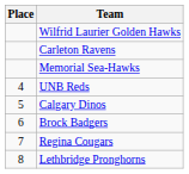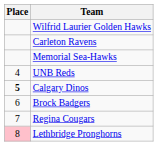 <table class="wikitable">
 <tr>
 <th>Place</th>
 <th>Team</th>
 </tr>
 <tr>
 <td align=center></td>
 <td> <a href='#'>Wilfrid Laurier Golden Hawks</a></td>
 </tr>
 <tr>
 <td align=center></td>
 <td> <a href='#'>Carleton Ravens</a></td>
 </tr>
 <tr>
 <td align=center></td>
 <td> <a href='#'>Memorial Sea-Hawks</a></td>
 </tr>
 <tr>
 <td align=center>4</td>
 <td> <a href='#'>UNB Reds</a></td>
 </tr>
 <tr>
-<td align=center>5</td>
+<td align=center><strong>5</strong></td>
 <td> <a href='#'>Calgary Dinos</a></td>
 </tr>
 <tr>
 <td align=center>6</td>
 <td> <a href='#'>Brock Badgers</a></td>
 </tr>
 <tr>
 <td align=center>7</td>
 <td> <a href='#'>Regina Cougars</a></td>
 </tr>
 <tr>
-<td align=center>8</td>
+<td align=center style="background: pink;">8</td>
 <td> <a href='#'>Lethbridge Pronghorns</a></td>
 </tr>
 </table>
